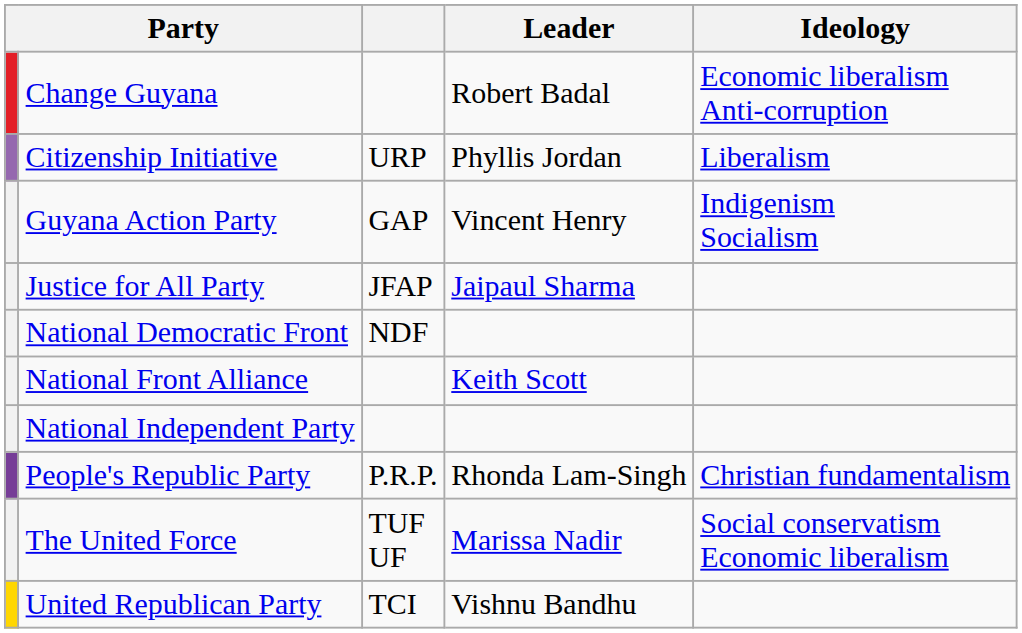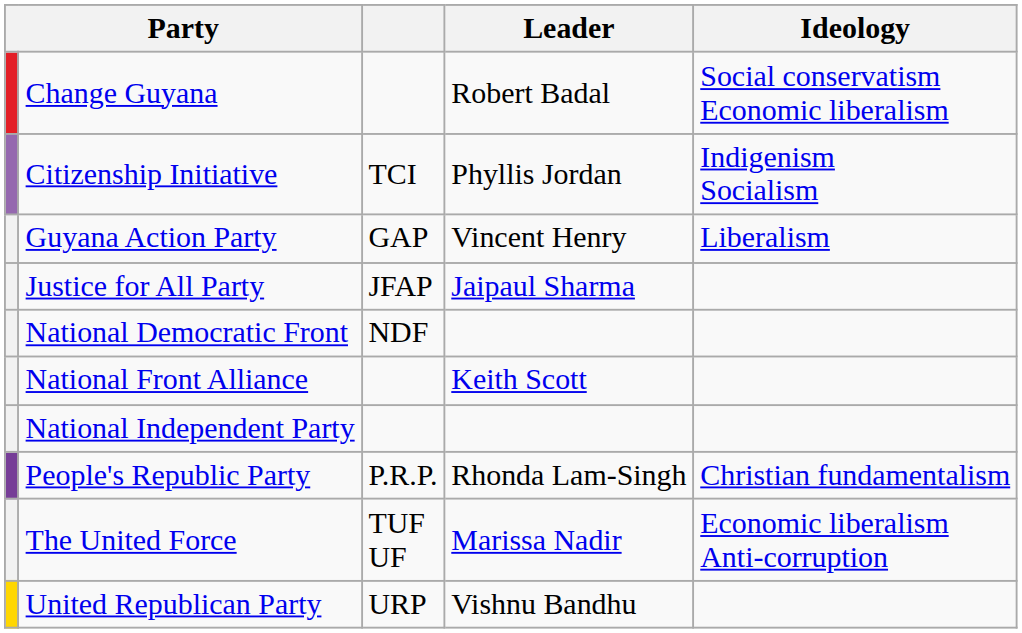 <table class="wikitable sortable">
 <tr>
 <th colspan="2">Party</th>
 <th></th>
 <th>Leader</th>
 <th>Ideology</th>
 </tr>
 <tr>
 <th style="background-color: #E31E26"></th>
 <td><a href='#'>Change Guyana</a></td>
 <td></td>
 <td>Robert Badal</td>
-<td><a href='#'>Economic liberalism</a><br><a href='#'>Anti-corruption</a></td>
+<td><a href='#'>Social conservatism</a><br><a href='#'>Economic liberalism</a></td>
 </tr>
 <tr>
 <th style="background-color: #9568AF"></th>
 <td><a href='#'>Citizenship Initiative</a></td>
-<td>URP</td>
+<td>TCI</td>
 <td>Phyllis Jordan</td>
-<td><a href='#'>Liberalism</a></td>
+<td><a href='#'>Indigenism</a><br><a href='#'>Socialism</a></td>
 </tr>
 <tr>
 <th style="background-color: "></th>
 <td><a href='#'>Guyana Action Party</a></td>
 <td>GAP</td>
 <td>Vincent Henry</td>
-<td><a href='#'>Indigenism</a><br><a href='#'>Socialism</a></td>
+<td><a href='#'>Liberalism</a></td>
 </tr>
 <tr>
 <th></th>
 <td><a href='#'>Justice for All Party</a></td>
 <td>JFAP</td>
 <td><a href='#'>Jaipaul Sharma</a></td>
 <td></td>
 </tr>
 <tr>
 <th></th>
 <td><a href='#'>National Democratic Front</a></td>
 <td>NDF</td>
 <td></td>
 <td></td>
 </tr>
 <tr>
 <th></th>
 <td><a href='#'>National Front Alliance</a></td>
 <td></td>
 <td><a href='#'>Keith Scott</a></td>
 <td></td>
 </tr>
 <tr>
 <th></th>
 <td><a href='#'>National Independent Party</a></td>
 <td></td>
 <td></td>
 <td></td>
 </tr>
 <tr>
 <th style="background-color: #763D97"></th>
 <td><a href='#'>People's Republic Party</a></td>
 <td>P.R.P.</td>
 <td>Rhonda Lam-Singh</td>
 <td><a href='#'>Christian fundamentalism</a></td>
 </tr>
 <tr>
 <th style="background-color: "></th>
 <td><a href='#'>The United Force</a></td>
 <td>TUF<br>UF</td>
 <td><a href='#'>Marissa Nadir</a></td>
-<td><a href='#'>Social conservatism</a><br><a href='#'>Economic liberalism</a></td>
+<td><a href='#'>Economic liberalism</a><br><a href='#'>Anti-corruption</a></td>
 </tr>
 <tr>
 <th style="background-color: #FFD700"></th>
 <td><a href='#'>United Republican Party</a></td>
-<td>TCI</td>
+<td>URP</td>
 <td>Vishnu Bandhu</td>
 <td></td>
 </tr>
 </table>
